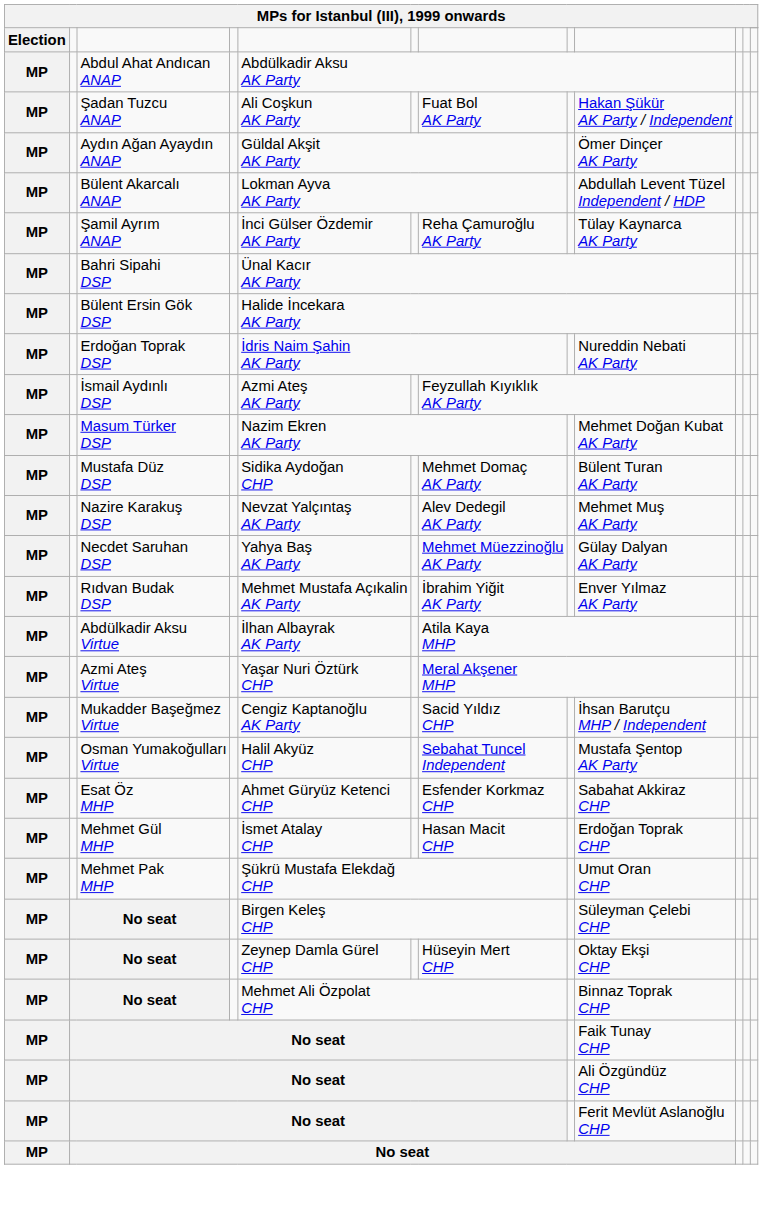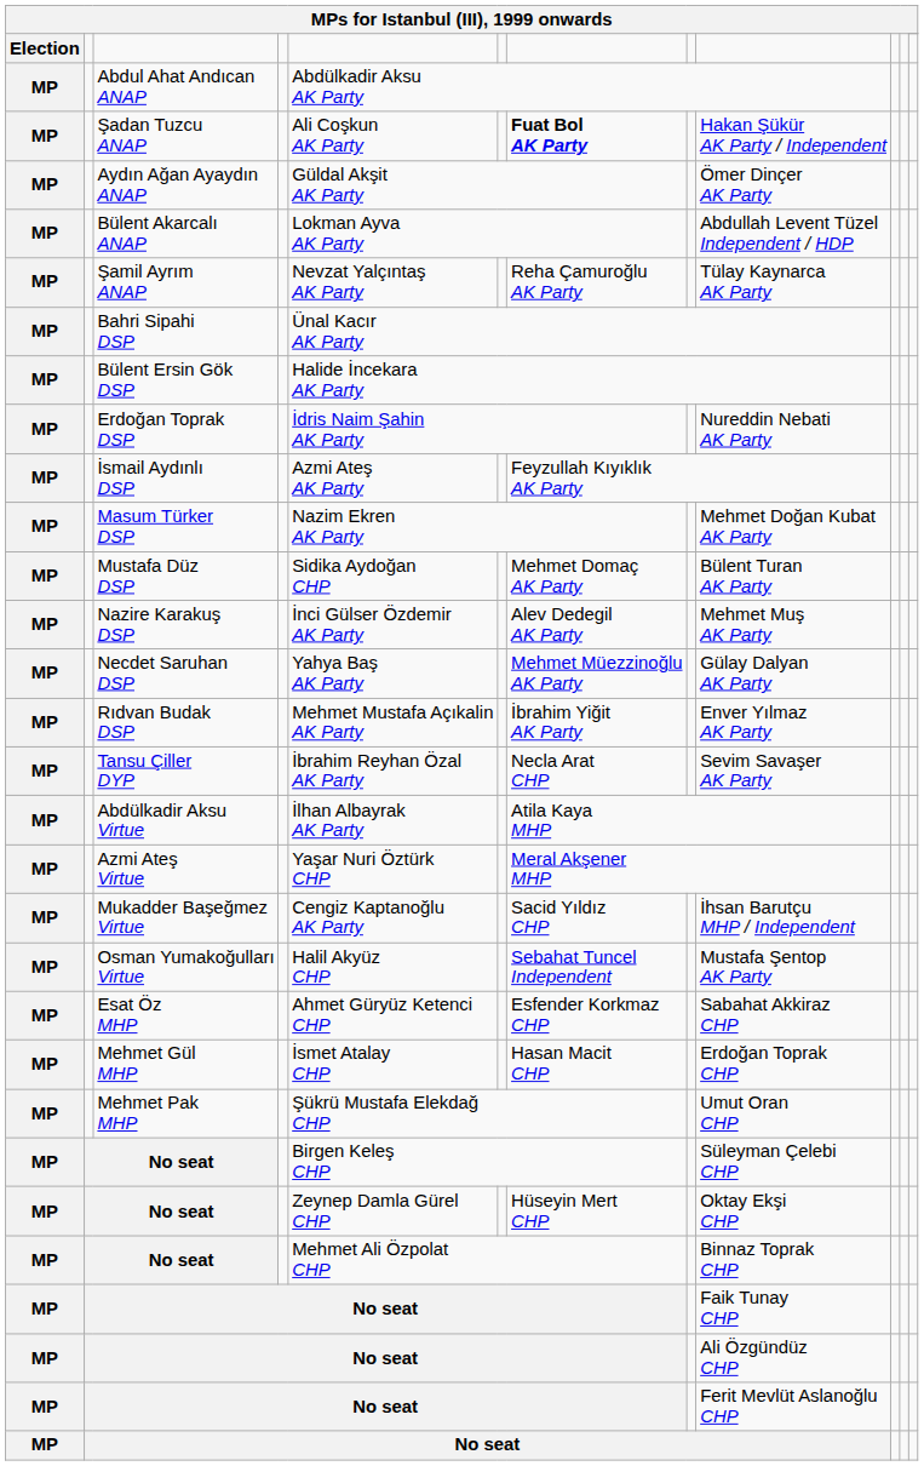 <table class="wikitable">
 <tr>
 <th colspan = 12>MPs for Istanbul (III), 1999 onwards</th>
 </tr>
 <tr>
 <th rowspan = 2>Election</th>
 <td rowspan="2" style="width:1px;"></td>
 <td rowspan = 2></td>
 <td rowspan="2" style="width:1px;"></td>
 <td rowspan = 2></td>
 <td rowspan="2" style="width:1px;"></td>
 <td rowspan = 2></td>
 <td rowspan="2" style="width:1px;"></td>
 <td rowspan = 2></td>
 <td rowspan="2" style="width:1px;"></td>
 <td rowspan = 2></td>
 </tr>
 <tr>
 <td></td>
 </tr>
 <tr>
 <th>MP</th>
 <td width=1px style="background-color: "></td>
 <td colspan = 1>Abdul Ahat Andıcan<br><em><a href='#'>ANAP</a></em></td>
 <td width=1px style="background-color: "></td>
 <td colspan = 5>Abdülkadir Aksu<br><em><a href='#'>AK Party</a></em></td>
 <td width=1px style="background-color: "></td>
 <td colspan = 1></td>
 <td width=1px style="background-color:"></td>
 </tr>
 <tr>
 <th>MP</th>
 <td width=1px style="background-color: "></td>
 <td colspan = 1>Şadan Tuzcu<br><em><a href='#'>ANAP</a></em></td>
 <td width=1px style="background-color: "></td>
 <td colspan = 1>Ali Coşkun<br><em><a href='#'>AK Party</a></em></td>
 <td width=1px style="background-color: "></td>
-<td colspan = 1>Fuat Bol<br><em><a href='#'>AK Party</a></em></td>
+<td colspan = 1><strong>Fuat Bol<br><em><a href='#'>AK Party</a></em></strong></td>
 <td width=1px style="background-color: "></td>
 <td colspan = 1><a href='#'>Hakan Şükür</a><br><em><a href='#'>AK Party</a> / <a href='#'>Independent</a></em></td>
 <td width=1px style="background-color: "></td>
 <td colspan = 1></td>
 <td width=1px style="background-color:"></td>
 </tr>
 <tr>
 <th>MP</th>
 <td width=1px style="background-color: "></td>
 <td colspan = 1>Aydın Ağan Ayaydın<br><em><a href='#'>ANAP</a></em></td>
 <td width=1px style="background-color: "></td>
 <td colspan = 3>Güldal Akşit<br><em><a href='#'>AK Party</a></em></td>
 <td width=1px style="background-color: "></td>
 <td colspan = 1>Ömer Dinçer<br><em><a href='#'>AK Party</a></em></td>
 <td width=1px style="background-color: "></td>
 <td colspan = 1></td>
 <td width=1px style="background-color:"></td>
 </tr>
 <tr>
 <th>MP</th>
 <td width=1px style="background-color: "></td>
 <td colspan = 1>Bülent Akarcalı<br><em><a href='#'>ANAP</a></em></td>
 <td width=1px style="background-color: "></td>
 <td colspan = 3>Lokman Ayva<br><em><a href='#'>AK Party</a></em></td>
 <td width=1px style="background-color: "></td>
 <td colspan = 1>Abdullah Levent Tüzel<br><em><a href='#'>Independent</a> / <a href='#'>HDP</a></em></td>
 <td width=1px style="background-color: "></td>
 <td colspan = 1></td>
 <td width=1px style="background-color:"></td>
 </tr>
 <tr>
 <th>MP</th>
 <td width=1px style="background-color: "></td>
 <td colspan = 1>Şamil Ayrım<br><em><a href='#'>ANAP</a></em></td>
 <td width=1px style="background-color: "></td>
-<td colspan = 1>İnci Gülser Özdemir<br><em><a href='#'>AK Party</a></em></td>
+<td colspan = 1>Nevzat Yalçıntaş<br><em><a href='#'>AK Party</a></em></td>
 <td width=1px style="background-color: "></td>
 <td colspan = 1>Reha Çamuroğlu<br><em><a href='#'>AK Party</a></em></td>
 <td width=1px style="background-color: "></td>
 <td colspan = 1>Tülay Kaynarca<br><em><a href='#'>AK Party</a></em></td>
 <td width=1px style="background-color: "></td>
 <td colspan = 1></td>
 <td width=1px style="background-color:"></td>
 </tr>
 <tr>
 <th>MP</th>
 <td width=1px style="background-color: "></td>
 <td colspan = 1>Bahri Sipahi<br><em><a href='#'>DSP</a></em></td>
 <td width=1px style="background-color: "></td>
 <td colspan = 5>Ünal Kacır<br><em><a href='#'>AK Party</a></em></td>
 <td width=1px style="background-color: "></td>
 <td colspan = 1></td>
 <td width=1px style="background-color:"></td>
 </tr>
 <tr>
 <th>MP</th>
 <td width=1px style="background-color: "></td>
 <td colspan = 1>Bülent Ersin Gök<br><em><a href='#'>DSP</a></em></td>
 <td width=1px style="background-color: "></td>
 <td colspan = 5>Halide İncekara<br><em><a href='#'>AK Party</a></em></td>
 <td width=1px style="background-color: "></td>
 <td colspan = 1></td>
 <td width=1px style="background-color:"></td>
 </tr>
 <tr>
 <th>MP</th>
 <td width=1px style="background-color: "></td>
 <td colspan = 1>Erdoğan Toprak<br><em><a href='#'>DSP</a></em></td>
 <td width=1px style="background-color: "></td>
 <td colspan = 3><a href='#'>İdris Naim Şahin</a><br><em><a href='#'>AK Party</a></em></td>
 <td width=1px style="background-color: "></td>
 <td colspan = 1>Nureddin Nebati<br><em><a href='#'>AK Party</a></em></td>
 <td width=1px style="background-color: "></td>
 <td colspan = 1></td>
 <td width=1px style="background-color:"></td>
 </tr>
 <tr>
 <th>MP</th>
 <td width=1px style="background-color: "></td>
 <td colspan = 1>İsmail Aydınlı<br><em><a href='#'>DSP</a></em></td>
 <td width=1px style="background-color: "></td>
 <td colspan = 1>Azmi Ateş<br><em><a href='#'>AK Party</a></em></td>
 <td width=1px style="background-color: "></td>
 <td colspan = 3>Feyzullah Kıyıklık<br><em><a href='#'>AK Party</a></em></td>
 <td width=1px style="background-color: "></td>
 <td colspan = 1></td>
 <td width=1px style="background-color:"></td>
 </tr>
 <tr>
 <th>MP</th>
 <td width=1px style="background-color: "></td>
 <td colspan = 1><a href='#'>Masum Türker</a><br><em><a href='#'>DSP</a></em></td>
 <td width=1px style="background-color: "></td>
 <td colspan = 3>Nazim Ekren<br><em><a href='#'>AK Party</a></em></td>
 <td width=1px style="background-color: "></td>
 <td colspan = 1>Mehmet Doğan Kubat<br><em><a href='#'>AK Party</a></em></td>
 <td width=1px style="background-color: "></td>
 <td colspan = 1></td>
 <td width=1px style="background-color:"></td>
 </tr>
 <tr>
 <th>MP</th>
 <td width=1px style="background-color: "></td>
 <td colspan = 1>Mustafa Düz<br><em><a href='#'>DSP</a></em></td>
 <td width=1px style="background-color: "></td>
 <td colspan = 1>Sidika Aydoğan<br><em><a href='#'>CHP</a></em></td>
 <td width=1px style="background-color: "></td>
 <td colspan = 1>Mehmet Domaç<br><em><a href='#'>AK Party</a></em></td>
 <td width=1px style="background-color: "></td>
 <td colspan = 1>Bülent Turan<br><em><a href='#'>AK Party</a></em></td>
 <td width=1px style="background-color: "></td>
 <td colspan = 1></td>
 <td width=1px style="background-color:"></td>
 </tr>
 <tr>
 <th>MP</th>
 <td width=1px style="background-color: "></td>
 <td colspan = 1>Nazire Karakuş<br><em><a href='#'>DSP</a></em></td>
 <td width=1px style="background-color: "></td>
-<td colspan = 1>Nevzat Yalçıntaş<br><em><a href='#'>AK Party</a></em></td>
+<td colspan = 1>İnci Gülser Özdemir<br><em><a href='#'>AK Party</a></em></td>
 <td width=1px style="background-color: "></td>
 <td colspan = 1>Alev Dedegil<br><em><a href='#'>AK Party</a></em></td>
 <td width=1px style="background-color: "></td>
 <td colspan = 1>Mehmet Muş<br><em><a href='#'>AK Party</a></em></td>
 <td width=1px style="background-color: "></td>
 <td colspan = 1></td>
 <td width=1px style="background-color:"></td>
 </tr>
 <tr>
 <th>MP</th>
 <td width=1px style="background-color: "></td>
 <td colspan = 1>Necdet Saruhan<br><em><a href='#'>DSP</a></em></td>
 <td width=1px style="background-color: "></td>
 <td colspan = 1>Yahya Baş<br><em><a href='#'>AK Party</a></em></td>
 <td width=1px style="background-color: "></td>
 <td colspan = 1><a href='#'>Mehmet Müezzinoğlu</a><br><em><a href='#'>AK Party</a></em></td>
 <td width=1px style="background-color: "></td>
 <td colspan = 1>Gülay Dalyan<br><em><a href='#'>AK Party</a></em></td>
 <td width=1px style="background-color: "></td>
 <td colspan = 1></td>
 <td width=1px style="background-color:"></td>
 </tr>
 <tr>
 <th>MP</th>
 <td width=1px style="background-color: "></td>
 <td colspan = 1>Rıdvan Budak<br><em><a href='#'>DSP</a></em></td>
 <td width=1px style="background-color: "></td>
 <td colspan = 1>Mehmet Mustafa Açıkalin<br><em><a href='#'>AK Party</a></em></td>
 <td width=1px style="background-color: "></td>
 <td colspan = 1>İbrahim Yiğit<br><em><a href='#'>AK Party</a></em></td>
 <td width=1px style="background-color: "></td>
 <td colspan = 1>Enver Yılmaz<br><em><a href='#'>AK Party</a></em></td>
+<td width=1px style="background-color: "></td>
+<td colspan = 1></td>
+<td width=1px style="background-color:"></td>
+</tr>
+<tr>
+<th>MP</th>
+<td width=1px style="background-color: "></td>
+<td colspan = 1><a href='#'>Tansu Çiller</a><br><em><a href='#'>DYP</a></em></td>
+<td width=1px style="background-color: "></td>
+<td colspan = 1>İbrahim Reyhan Özal<br><em><a href='#'>AK Party</a></em></td>
+<td width=1px style="background-color: "></td>
+<td colspan = 1>Necla Arat<br><em><a href='#'>CHP</a></em></td>
+<td width=1px style="background-color: "></td>
+<td colspan = 1>Sevim Savaşer<br><em><a href='#'>AK Party</a></em></td>
 <td width=1px style="background-color: "></td>
 <td colspan = 1></td>
 <td width=1px style="background-color:"></td>
 </tr>
 <tr>
 <th>MP</th>
 <td width=1px style="background-color: "></td>
 <td colspan = 1>Abdülkadir Aksu<br><em><a href='#'>Virtue</a></em></td>
 <td width=1px style="background-color: "></td>
 <td colspan = 1>İlhan Albayrak<br><em><a href='#'>AK Party</a></em></td>
 <td width=1px style="background-color: "></td>
 <td colspan = 3>Atila Kaya<br><em><a href='#'>MHP</a></em></td>
 <td width=1px style="background-color: "></td>
 <td colspan = 1></td>
 <td width=1px style="background-color:"></td>
 </tr>
 <tr>
 <th>MP</th>
 <td width=1px style="background-color: "></td>
 <td colspan = 1>Azmi Ateş<br><em><a href='#'>Virtue</a></em></td>
 <td width=1px style="background-color: "></td>
 <td colspan = 1>Yaşar Nuri Öztürk<br><em><a href='#'>CHP</a></em></td>
 <td width=1px style="background-color: "></td>
 <td colspan = 3><a href='#'>Meral Akşener</a><br><em><a href='#'>MHP</a></em></td>
 <td width=1px style="background-color: "></td>
 <td colspan = 1></td>
 <td width=1px style="background-color:"></td>
 </tr>
 <tr>
 <th>MP</th>
 <td width=1px style="background-color: "></td>
 <td colspan = 1>Mukadder Başeğmez<br><em><a href='#'>Virtue</a></em></td>
 <td width=1px style="background-color: "></td>
 <td colspan = 1>Cengiz Kaptanoğlu<br><em><a href='#'>AK Party</a></em></td>
 <td width=1px style="background-color: "></td>
 <td colspan = 1>Sacid Yıldız<br><em><a href='#'>CHP</a></em></td>
 <td width=1px style="background-color: "></td>
 <td colspan = 1>İhsan Barutçu<br><em><a href='#'>MHP</a> / <a href='#'>Independent</a></em></td>
 <td width=1px style="background-color: "></td>
 <td colspan = 1></td>
 <td width=1px style="background-color:"></td>
 </tr>
 <tr>
 <th>MP</th>
 <td width=1px style="background-color: "></td>
 <td colspan = 1>Osman Yumakoğulları<br><em><a href='#'>Virtue</a></em></td>
 <td width=1px style="background-color: "></td>
 <td colspan = 1>Halil Akyüz<br><em><a href='#'>CHP</a></em></td>
 <td width=1px style="background-color: "></td>
 <td colspan = 1><a href='#'>Sebahat Tuncel</a><br><em><a href='#'>Independent</a></em></td>
 <td width=1px style="background-color: "></td>
 <td colspan = 1>Mustafa Şentop<br><em><a href='#'>AK Party</a></em></td>
 <td width=1px style="background-color: "></td>
 <td colspan = 1></td>
 <td width=1px style="background-color:"></td>
 </tr>
 <tr>
 <th>MP</th>
 <td width=1px style="background-color: "></td>
 <td colspan = 1>Esat Öz<br><em><a href='#'>MHP</a></em></td>
 <td width=1px style="background-color: "></td>
 <td colspan = 1>Ahmet Güryüz Ketenci<br><em><a href='#'>CHP</a></em></td>
 <td width=1px style="background-color: "></td>
 <td colspan = 1>Esfender Korkmaz<br><em><a href='#'>CHP</a></em></td>
 <td width=1px style="background-color: "></td>
 <td colspan = 1>Sabahat Akkiraz<br><em><a href='#'>CHP</a></em></td>
 <td width=1px style="background-color: "></td>
 <td colspan = 1></td>
 <td width=1px style="background-color:"></td>
 </tr>
 <tr>
 <th>MP</th>
 <td width=1px style="background-color: "></td>
 <td colspan = 1>Mehmet Gül<br><em><a href='#'>MHP</a></em></td>
 <td width=1px style="background-color: "></td>
 <td colspan = 1>İsmet Atalay<br><em><a href='#'>CHP</a></em></td>
 <td width=1px style="background-color: "></td>
 <td colspan = 1>Hasan Macit<br><em><a href='#'>CHP</a></em></td>
 <td width=1px style="background-color: "></td>
 <td colspan = 1>Erdoğan Toprak<br><em><a href='#'>CHP</a></em></td>
 <td width=1px style="background-color: "></td>
 <td colspan = 1></td>
 <td width=1px style="background-color:"></td>
 </tr>
 <tr>
 <th>MP</th>
 <td width=1px style="background-color: "></td>
 <td colspan = 1>Mehmet Pak<br><em><a href='#'>MHP</a></em></td>
 <td width=1px style="background-color: "></td>
 <td colspan = 3>Şükrü Mustafa Elekdağ<br><em><a href='#'>CHP</a></em></td>
 <td width=1px style="background-color: "></td>
 <td colspan = 1>Umut Oran<br><em><a href='#'>CHP</a></em></td>
 <td width=1px style="background-color: "></td>
 <td colspan = 1></td>
 <td width=1px style="background-color:"></td>
 </tr>
 <tr>
 <th>MP</th>
 <th colspan = 2>No seat</th>
 <td width=1px style="background-color: "></td>
 <td colspan = 3>Birgen Keleş<br><em><a href='#'>CHP</a></em></td>
 <td width=1px style="background-color: "></td>
 <td colspan = 1>Süleyman Çelebi<br><em><a href='#'>CHP</a></em></td>
 <td width=1px style="background-color: "></td>
 <td colspan = 1></td>
 <td width=1px style="background-color:"></td>
 </tr>
 <tr>
 <th>MP</th>
 <th colspan = 2>No seat</th>
 <td width=1px style="background-color: "></td>
 <td colspan = 1>Zeynep Damla Gürel<br><em><a href='#'>CHP</a></em></td>
 <td width=1px style="background-color: "></td>
 <td colspan = 1>Hüseyin Mert<br><em><a href='#'>CHP</a></em></td>
 <td width=1px style="background-color: "></td>
 <td colspan = 1>Oktay Ekşi<br><em><a href='#'>CHP</a></em></td>
 <td width=1px style="background-color: "></td>
 <td colspan = 1></td>
 <td width=1px style="background-color:"></td>
 </tr>
 <tr>
 <th>MP</th>
 <th colspan = 2>No seat</th>
 <td width=1px style="background-color: "></td>
 <td colspan = 3>Mehmet Ali Özpolat<br><em><a href='#'>CHP</a></em></td>
 <td width=1px style="background-color: "></td>
 <td colspan = 1>Binnaz Toprak<br><em><a href='#'>CHP</a></em></td>
 <td width=1px style="background-color: "></td>
 <td colspan = 1></td>
 <td width=1px style="background-color:"></td>
 </tr>
 <tr>
 <th>MP</th>
 <th colspan = 6>No seat</th>
 <td width=1px style="background-color: "></td>
 <td colspan = 1>Faik Tunay<br><em><a href='#'>CHP</a></em></td>
 <td width=1px style="background-color: "></td>
 <td colspan = 1></td>
 <td width=1px style="background-color:"></td>
 </tr>
 <tr>
 <th>MP</th>
 <th colspan = 6>No seat</th>
 <td width=1px style="background-color: "></td>
 <td colspan = 1>Ali Özgündüz<br><em><a href='#'>CHP</a></em></td>
 <td width=1px style="background-color: "></td>
 <td colspan = 1></td>
 <td width=1px style="background-color:"></td>
 </tr>
 <tr>
 <th>MP</th>
 <th colspan = 6>No seat</th>
 <td width=1px style="background-color: "></td>
 <td colspan = 1>Ferit Mevlüt Aslanoğlu<br><em><a href='#'>CHP</a></em></td>
 <td width=1px style="background-color: "></td>
 <td colspan = 1></td>
 <td width=1px style="background-color:"></td>
 </tr>
 <tr>
 <th>MP</th>
 <th colspan = 8>No seat</th>
 <td width=1px style="background-color: "></td>
 <td colspan = 1></td>
 <td width=1px style="background-color:"></td>
 </tr>
 </table>
